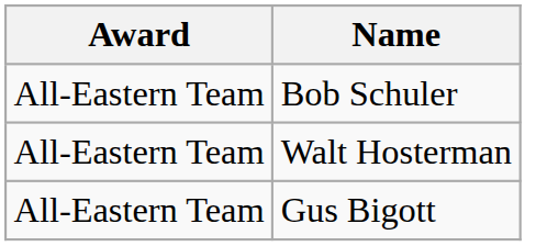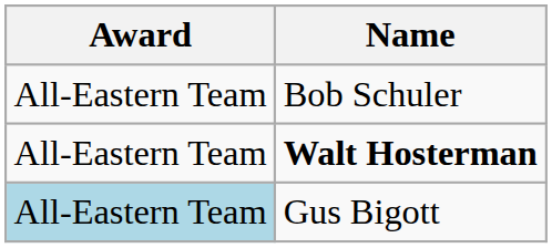 <table class="wikitable" style="font-size: 95%; text-align: center;">
 <tr>
 <th>Award</th>
 <th>Name</th>
 </tr>
 <tr>
 <td>All-Eastern Team</td>
 <td align="left"> Bob Schuler</td>
 </tr>
 <tr>
 <td>All-Eastern Team</td>
-<td align="left"> Walt Hosterman</td>
+<td align="left"><strong> Walt Hosterman</strong></td>
 </tr>
 <tr>
-<td>All-Eastern Team</td>
+<td style="background: lightblue;">All-Eastern Team</td>
 <td align="left"> Gus Bigott</td>
 </tr>
 </table>
